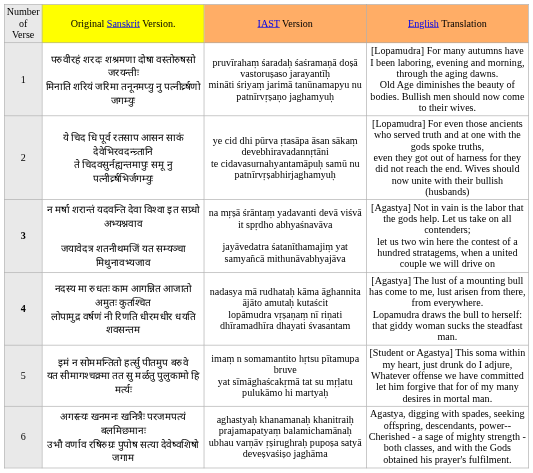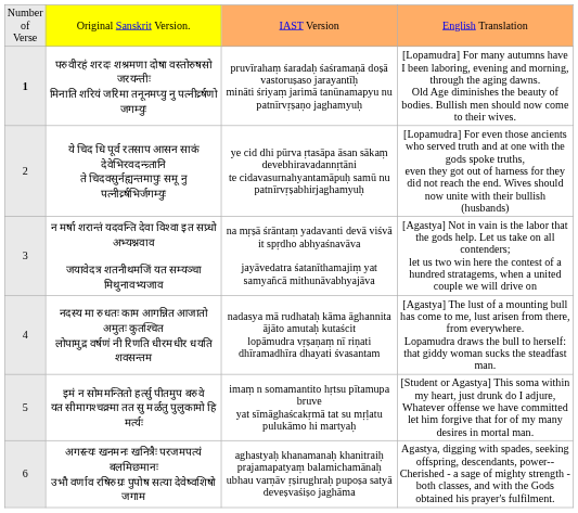 <table class="wikitable floatright" align="center" style = " background: transparent;">
 <tr style="text-align: center;">
 <td width= 15px style="background: #e9e9e9;">Number of Verse</td>
 <td width= 250 px style="background: yellow;">Original <a href='#'>Sanskrit</a> Version.</td>
 <td width=250 px style="background: #ffad66;"><a href='#'>IAST</a> Version</td>
 <td width=250px style="background: #ffad66;"><a href='#'>English</a> Translation </td>
 </tr>
 <tr style="text-align: center;">
-<td width= 15px style="background: #e9e9e9;">1</td>
+<td width= 15px style="background: #e9e9e9;"><strong>1</strong></td>
 <td width=250px>परुवीरहं शरदः शश्रमणा दोषा वस्तोरुषसो जरयन्तीः<br>मिनाति शरियं जरिमा तनूनमप्यु नु पत्नीर्व्र्षणो जगम्युः</td>
 <td width=250px>pruvīrahaṃ śaradaḥ śaśramaṇā doṣā vastoruṣaso jarayantīḥ<br>mināti śriyaṃ jarimā tanūnamapyu nu patnīrvṛṣaṇo jaghamyuḥ</td>
 <td width= 250px>[Lopamudra] For many autumns have I been laboring, evening and morning, through the aging dawns.<br> Old Age diminishes the beauty of bodies. Bullish men should now come to their wives.</td>
 </tr>
 <tr style="text-align: center;">
 <td width= 15px style="background: #e9e9e9;">2</td>
 <td width=250px>ये चिद धि पूर्व रतसाप आसन साकं देवेभिरवदन्न्र्तानि<br>ते चिदवसुर्नह्यन्तमापुः समू नु पत्नीर्व्र्षभिर्जगम्युः</td>
 <td width=250px>ye cid dhi pūrva ṛtasāpa āsan sākaṃ devebhiravadannṛtāni<br>te cidavasurnahyantamāpuḥ samū nu patnīrvṛṣabhirjaghamyuḥ</td>
 <td width= 250px>[Lopamudra] For even those ancients who served truth and at one with the gods spoke truths,<br>even they got out of harness for they did not reach the end. Wives should now unite with their bullish (husbands)</td>
 </tr>
 <tr style="text-align: center;">
-<td width= 15px style="background: #e9e9e9;"><strong>3</strong></td>
+<td width= 15px style="background: #e9e9e9;">3</td>
 <td width=250px>न मर्षा शरान्तं यदवन्ति देवा विश्वा इत सप्र्धो अभ्यश्नवाव <br><br>जयावेदत्र शतनीथमजिं यत सम्यञ्चा मिथुनावभ्यजाव</td>
 <td width=250px>na mṛṣā śrāntaṃ yadavanti devā viśvā it spṛdho abhyaśnavāva <br><br>jayāvedatra śatanīthamajiṃ yat samyañcā mithunāvabhyajāva</td>
 <td width= 250px>[Agastya] Not in vain is the labor that the gods help. Let us take on all contenders;<br> let us two win here the contest of a hundred stratagems, when a united couple we will drive on</td>
 </tr>
 <tr style="text-align: center;">
-<td width= 15px style="background: #e9e9e9;"><strong>4</strong></td>
+<td width= 15px style="background: #e9e9e9;">4</td>
 <td width=250px>नदस्य मा रुधतः काम आगन्नित आजातो अमुतः कुतश्चित <br>लोपामुद्र वर्षणं नी रिणति धीरमधीर धयति शवसन्तम</td>
 <td width=250px>nadasya mā rudhataḥ kāma āghannita ājāto amutaḥ kutaścit<br>lopāmudra vṛṣaṇaṃ nī riṇati dhīramadhīra dhayati śvasantam</td>
 <td width= 250px>[Agastya] The lust of a mounting bull has come  to me, lust arisen from there, from everywhere.<br>Lopamudra draws the bull to herself: that giddy woman sucks the steadfast man.</td>
 </tr>
 <tr style="text-align: center;">
 <td width= 15px style="background: #e9e9e9;">5</td>
 <td width=250px>इमं न सोममन्तितो हर्त्सु पीतमुप बरुवे <br>यत सीमागश्चक्र्मा तत सु मर्ळतु पुलुकामो हि मर्त्यः</td>
 <td width=250px>imaṃ n somamantito hṛtsu pītamupa bruve <br> yat sīmāghaścakṛmā tat su mṛḷatu pulukāmo hi martyaḥ</td>
 <td width= 250px>[Student or Agastya] This soma within my heart, just drunk do I adjure,<br> Whatever offense we have committed let him forgive that for of my many desires in mortal man.</td>
 </tr>
 <tr style="text-align: center;">
 <td width= 15px style="background: #e9e9e9;">6</td>
 <td width=200px>अगस्त्यः खनमनः खनित्रैः परजमपत्यं बलमिछमानः <br>उभौ वर्णाव रषिरुग्रः पुपोष सत्या देवेष्वशिषो जगाम</td>
 <td width=250px>aghastyaḥ khanamanaḥ khanitraiḥ prajamapatyaṃ balamichamānaḥ<br>ubhau varṇāv ṛṣirughraḥ pupoṣa satyā deveṣvaśiṣo jaghāma</td>
 <td width= 250px>Agastya, digging with spades, seeking offspring, descendants, power-- <br>Cherished - a sage of mighty strength - both classes, and with the Gods obtained his prayer's fulfilment.</td>
 </tr>
 </table>
